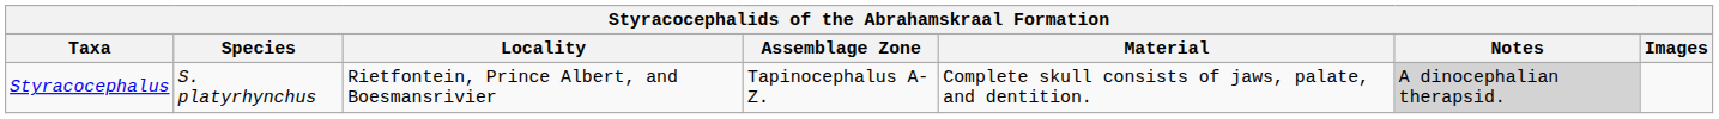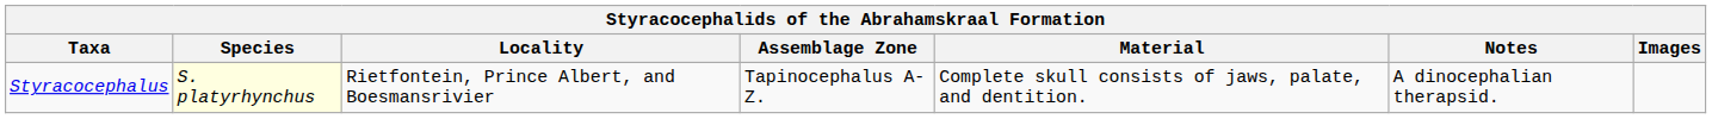 <table class="wikitable" align="center">
 <tr>
 <th colspan="7" align="center"><strong>Styracocephalids</strong> of the Abrahamskraal Formation</th>
 </tr>
 <tr>
 <th>Taxa</th>
 <th>Species</th>
 <th>Locality</th>
 <th>Assemblage Zone</th>
 <th>Material</th>
 <th>Notes</th>
 <th>Images</th>
 </tr>
 <tr>
 <td><em><a href='#'>Styracocephalus</a></em></td>
-<td><em>S. platyrhynchus</em></td>
+<td style="background: lightyellow;"><em>S. platyrhynchus</em></td>
 <td>Rietfontein, Prince Albert, and Boesmansrivier</td>
 <td>Tapinocephalus A-Z.</td>
 <td>Complete skull consists of jaws, palate, and dentition.</td>
-<td style="background: lightgrey;">A dinocephalian therapsid.</td>
+<td>A dinocephalian therapsid.</td>
 <td></td>
 </tr>
 </table>
